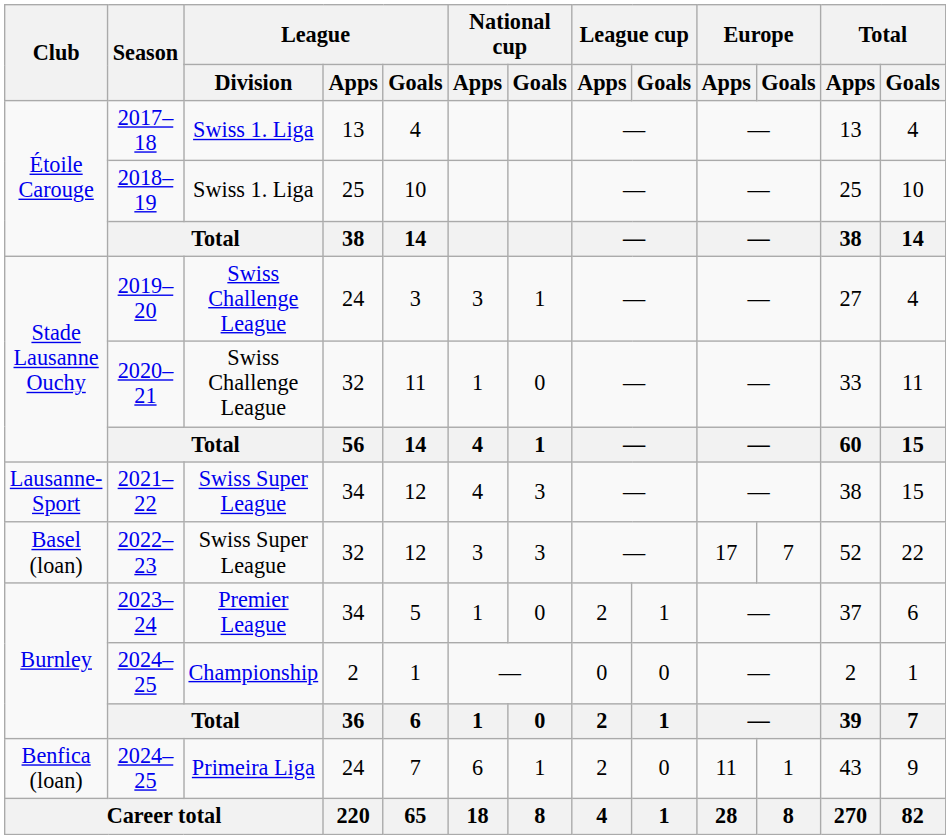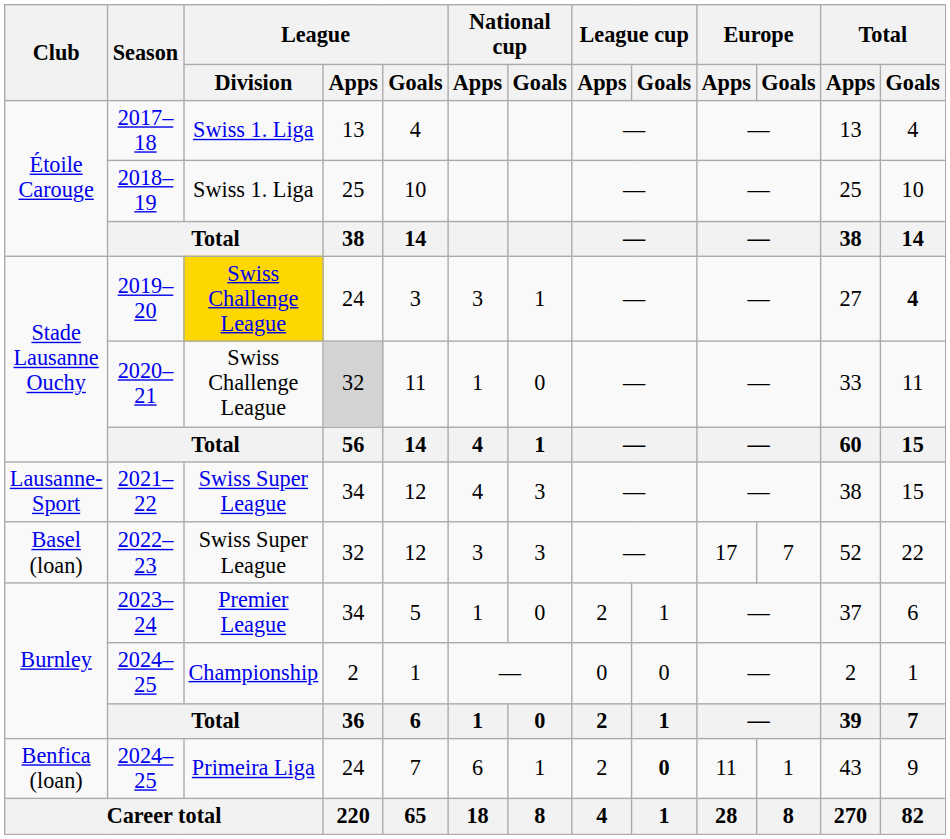 <table class="wikitable" style="text-align: center;">
 <tr>
 <th rowspan="2">Club</th>
 <th rowspan="2">Season</th>
 <th colspan="3">League</th>
 <th colspan="2">National cup</th>
 <th colspan="2">League cup</th>
 <th colspan="2">Europe</th>
 <th colspan="2">Total</th>
 </tr>
 <tr>
 <th>Division</th>
 <th>Apps</th>
 <th>Goals</th>
 <th>Apps</th>
 <th>Goals</th>
 <th>Apps</th>
 <th>Goals</th>
 <th>Apps</th>
 <th>Goals</th>
 <th>Apps</th>
 <th>Goals</th>
 </tr>
 <tr>
 <td rowspan="3"><a href='#'>Étoile Carouge</a></td>
 <td><a href='#'>2017–18</a></td>
 <td><a href='#'>Swiss 1. Liga</a></td>
 <td>13</td>
 <td>4</td>
 <td></td>
 <td></td>
 <td colspan="2">—</td>
 <td colspan="2">—</td>
 <td>13</td>
 <td>4</td>
 </tr>
 <tr>
 <td><a href='#'>2018–19</a></td>
 <td>Swiss 1. Liga</td>
 <td>25</td>
 <td>10</td>
 <td></td>
 <td></td>
 <td colspan="2">—</td>
 <td colspan="2">—</td>
 <td>25</td>
 <td>10</td>
 </tr>
 <tr>
 <th colspan="2">Total</th>
 <th>38</th>
 <th>14</th>
 <th></th>
 <th></th>
 <th colspan="2">—</th>
 <th colspan="2">—</th>
 <th>38</th>
 <th>14</th>
 </tr>
 <tr>
 <td rowspan="3"><a href='#'>Stade Lausanne Ouchy</a></td>
 <td><a href='#'>2019–20</a></td>
-<td><a href='#'>Swiss Challenge League</a></td>
+<td style="background: gold;"><a href='#'>Swiss Challenge League</a></td>
 <td>24</td>
 <td>3</td>
 <td>3</td>
 <td>1</td>
 <td colspan="2">—</td>
 <td colspan="2">—</td>
 <td>27</td>
-<td>4</td>
+<td><strong>4</strong></td>
 </tr>
 <tr>
 <td><a href='#'>2020–21</a></td>
 <td>Swiss Challenge League</td>
-<td>32</td>
+<td style="background: lightgrey;">32</td>
 <td>11</td>
 <td>1</td>
 <td>0</td>
 <td colspan="2">—</td>
 <td colspan="2">—</td>
 <td>33</td>
 <td>11</td>
 </tr>
 <tr>
 <th colspan="2">Total</th>
 <th>56</th>
 <th>14</th>
 <th>4</th>
 <th>1</th>
 <th colspan="2">—</th>
 <th colspan="2">—</th>
 <th>60</th>
 <th>15</th>
 </tr>
 <tr>
 <td><a href='#'>Lausanne-Sport</a></td>
 <td><a href='#'>2021–22</a></td>
 <td><a href='#'>Swiss Super League</a></td>
 <td>34</td>
 <td>12</td>
 <td>4</td>
 <td>3</td>
 <td colspan="2">—</td>
 <td colspan="2">—</td>
 <td>38</td>
 <td>15</td>
 </tr>
 <tr>
 <td><a href='#'>Basel</a> (loan)</td>
 <td><a href='#'>2022–23</a></td>
 <td>Swiss Super League</td>
 <td>32</td>
 <td>12</td>
 <td>3</td>
 <td>3</td>
 <td colspan="2">—</td>
 <td>17</td>
 <td>7</td>
 <td>52</td>
 <td>22</td>
 </tr>
 <tr>
 <td rowspan="3"><a href='#'>Burnley</a></td>
 <td><a href='#'>2023–24</a></td>
 <td><a href='#'>Premier League</a></td>
 <td>34</td>
 <td>5</td>
 <td>1</td>
 <td>0</td>
 <td>2</td>
 <td>1</td>
 <td colspan="2">—</td>
 <td>37</td>
 <td>6</td>
 </tr>
 <tr>
 <td><a href='#'>2024–25</a></td>
 <td><a href='#'>Championship</a></td>
 <td>2</td>
 <td>1</td>
 <td colspan="2">—</td>
 <td>0</td>
 <td>0</td>
 <td colspan="2">—</td>
 <td>2</td>
 <td>1</td>
 </tr>
 <tr>
 <th colspan="2">Total</th>
 <th>36</th>
 <th>6</th>
 <th>1</th>
 <th>0</th>
 <th>2</th>
 <th>1</th>
 <th colspan="2">—</th>
 <th>39</th>
 <th>7</th>
 </tr>
 <tr>
 <td><a href='#'>Benfica</a> (loan)</td>
 <td><a href='#'>2024–25</a></td>
 <td><a href='#'>Primeira Liga</a></td>
 <td>24</td>
 <td>7</td>
 <td>6</td>
 <td>1</td>
 <td>2</td>
-<td>0</td>
+<td><strong>0</strong></td>
 <td>11</td>
 <td>1</td>
 <td>43</td>
 <td>9</td>
 </tr>
 <tr>
 <th colspan="3">Career total</th>
 <th>220</th>
 <th>65</th>
 <th>18</th>
 <th>8</th>
 <th>4</th>
 <th>1</th>
 <th>28</th>
 <th>8</th>
 <th>270</th>
 <th>82</th>
 </tr>
 </table>
